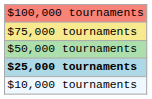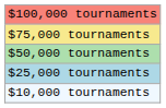 <table class="wikitable" style="font-size:85%">
 <tr bgcolor=F88379>
 <td>$100,000 tournaments</td>
 </tr>
 <tr bgcolor=F7E98E>
 <td>$75,000 tournaments</td>
 </tr>
 <tr bgcolor=ADDFAD>
 <td>$50,000 tournaments</td>
 </tr>
 <tr bgcolor=lightblue>
-<td><strong>$25,000 tournaments</strong></td>
+<td>$25,000 tournaments</td>
 </tr>
 <tr bgcolor=f0f8ff>
 <td>$10,000 tournaments</td>
 </tr>
 </table>
